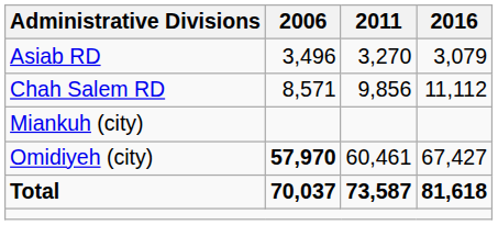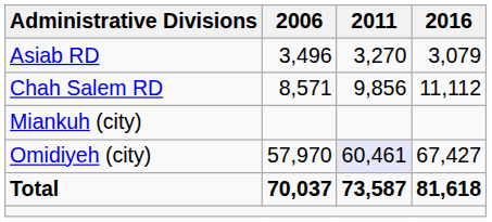 <table class="wikitable">
 <tr>
 <th>Administrative Divisions</th>
 <th>2006</th>
 <th>2011</th>
 <th>2016</th>
 </tr>
 <tr>
 <td><a href='#'>Asiab RD</a></td>
 <td style="text-align: right;">3,496</td>
 <td style="text-align: right;">3,270</td>
 <td style="text-align: right;">3,079</td>
 </tr>
 <tr>
 <td><a href='#'>Chah Salem RD</a></td>
 <td style="text-align: right;">8,571</td>
 <td style="text-align: right;">9,856</td>
 <td style="text-align: right;">11,112</td>
 </tr>
 <tr>
 <td><a href='#'>Miankuh</a> (city)</td>
 <td style="text-align: right;"></td>
 <td style="text-align: right;"></td>
 <td style="text-align: right;"></td>
 </tr>
 <tr>
 <td><a href='#'>Omidiyeh</a> (city)</td>
-<td style="text-align: right;"><strong>57,970</strong></td>
-<td style="text-align: right;">60,461</td>
+<td style="text-align: right;">57,970</td>
+<td style="background: lavender; text-align: right;">60,461</td>
 <td style="text-align: right;">67,427</td>
 </tr>
 <tr>
 <td><strong>Total</strong></td>
 <td style="text-align: right;"><strong>70,037</strong></td>
 <td style="text-align: right;"><strong>73,587</strong></td>
 <td style="text-align: right;"><strong>81,618</strong></td>
 </tr>
 <tr>
 <td colspan=4></td>
 </tr>
 </table>
